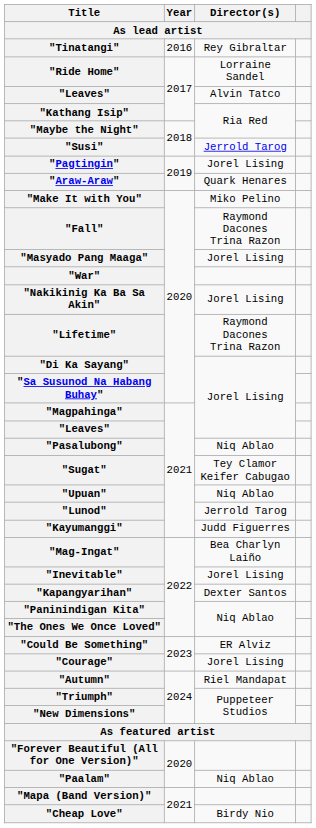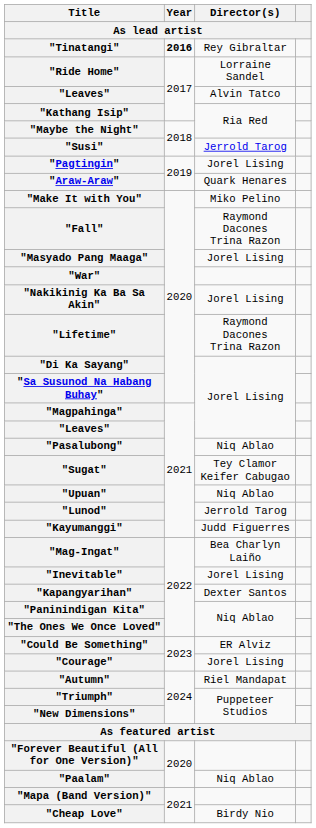 <table class="wikitable plainrowheaders" style="text-align:center;">
 <tr>
 <th scope="col" style="width:14.5em;">Title</th>
 <th scope="col" style="width:1em;">Year</th>
 <th scope="col" style="width:9em;">Director(s)</th>
 <th scope="col" class="unsortable" style="width:1em;"></th>
 </tr>
 <tr>
 <th scope="col" colspan="5">As lead artist</th>
 </tr>
 <tr>
 <th scope="row">"Tinatangi" <br></th>
-<td>2016</td>
+<td><strong>2016</strong></td>
 <td>Rey Gibraltar</td>
 <td></td>
 </tr>
 <tr>
 <th scope="row">"Ride Home"</th>
 <td rowspan="3">2017</td>
 <td>Lorraine Sandel</td>
 <td></td>
 </tr>
 <tr>
 <th scope="row">"Leaves"</th>
 <td>Alvin Tatco</td>
 <td></td>
 </tr>
 <tr>
 <th scope="row">"Kathang Isip"</th>
 <td rowspan="2">Ria Red</td>
 <td></td>
 </tr>
 <tr>
 <th scope="row">"Maybe the Night"</th>
 <td rowspan="2">2018</td>
 <td></td>
 </tr>
 <tr>
 <th scope="row">"Susi"</th>
 <td><a href='#'>Jerrold Tarog</a></td>
 <td></td>
 </tr>
 <tr>
 <th scope="row">"<a href='#'>Pagtingin</a>"</th>
 <td rowspan="2">2019</td>
 <td>Jorel Lising</td>
 <td></td>
 </tr>
 <tr>
 <th scope="row">"<a href='#'>Araw-Araw</a>"</th>
 <td>Quark Henares</td>
 <td></td>
 </tr>
 <tr>
 <th scope="row">"Make It with You"</th>
 <td rowspan="8">2020</td>
 <td>Miko Pelino</td>
 <td></td>
 </tr>
 <tr>
 <th scope="row">"Fall"</th>
 <td>Raymond Dacones <br> Trina Razon</td>
 <td></td>
 </tr>
 <tr>
 <th scope="row">"Masyado Pang Maaga"</th>
 <td>Jorel Lising</td>
 <td></td>
 </tr>
 <tr>
 <th scope="row">"War"</th>
 <td></td>
 <td></td>
 </tr>
 <tr>
 <th scope="row">"Nakikinig Ka Ba Sa Akin"</th>
 <td>Jorel Lising</td>
 <td></td>
 </tr>
 <tr>
 <th scope="row">"Lifetime"</th>
 <td>Raymond Dacones <br> Trina Razon</td>
 <td></td>
 </tr>
 <tr>
 <th scope="row">"Di Ka Sayang"</th>
 <td rowspan="4">Jorel Lising</td>
 <td></td>
 </tr>
 <tr>
 <th scope="row">"<a href='#'>Sa Susunod Na Habang Buhay</a>"</th>
 <td></td>
 </tr>
 <tr>
 <th scope="row">"Magpahinga"</th>
 <td rowspan="7">2021</td>
 <td></td>
 </tr>
 <tr>
 <th scope="row">"Leaves"<br></th>
 <td></td>
 </tr>
 <tr>
 <th scope="row">"Pasalubong"<br></th>
 <td>Niq Ablao</td>
 <td></td>
 </tr>
 <tr>
 <th scope="row">"Sugat"<br></th>
 <td>Tey Clamor<br>Keifer Cabugao</td>
 <td></td>
 </tr>
 <tr>
 <th scope="row">"Upuan"</th>
 <td>Niq Ablao</td>
 <td></td>
 </tr>
 <tr>
 <th scope="row">"Lunod"<br></th>
 <td>Jerrold Tarog</td>
 <td></td>
 </tr>
 <tr>
 <th scope="row">"Kayumanggi"</th>
 <td>Judd Figuerres</td>
 <td></td>
 </tr>
 <tr>
 <th scope="row">"Mag-Ingat"</th>
 <td rowspan="5">2022</td>
 <td>Bea Charlyn Laiño</td>
 <td></td>
 </tr>
 <tr>
 <th scope="row">"Inevitable"</th>
 <td>Jorel Lising</td>
 <td></td>
 </tr>
 <tr>
 <th scope="row">"Kapangyarihan"<br></th>
 <td>Dexter Santos</td>
 <td></td>
 </tr>
 <tr>
 <th scope="row">"Paninindigan Kita"</th>
 <td rowspan="2">Niq Ablao</td>
 <td></td>
 </tr>
 <tr>
 <th scope="row">"The Ones We Once Loved"</th>
 <td></td>
 </tr>
 <tr>
 <th scope="row">"Could Be Something"</th>
 <td rowspan="2">2023</td>
 <td>ER Alviz</td>
 <td></td>
 </tr>
 <tr>
 <th scope="row">"Courage"</th>
 <td>Jorel Lising</td>
 <td></td>
 </tr>
 <tr>
 <th scope="row">"Autumn"<br></th>
 <td rowspan="3">2024</td>
 <td>Riel Mandapat</td>
 <td></td>
 </tr>
 <tr>
 <th scope="row">"Triumph"</th>
 <td rowspan="2">Puppeteer Studios</td>
 <td></td>
 </tr>
 <tr>
 <th scope="row">"New Dimensions"</th>
 <td></td>
 </tr>
 <tr>
 <th scope="col" colspan="5">As featured artist</th>
 </tr>
 <tr>
 <th scope="row">"Forever Beautiful (All for One Version)"</th>
 <td rowspan="2">2020</td>
 <td></td>
 <td></td>
 </tr>
 <tr>
 <th scope="row">"Paalam" <br></th>
 <td>Niq Ablao</td>
 <td></td>
 </tr>
 <tr>
 <th scope="row">"Mapa (Band Version)"<br></th>
 <td rowspan="2">2021</td>
 <td></td>
 <td></td>
 </tr>
 <tr>
 <th scope="row">"Cheap Love"<br></th>
 <td>Birdy Nio</td>
 <td></td>
 </tr>
 </table>
